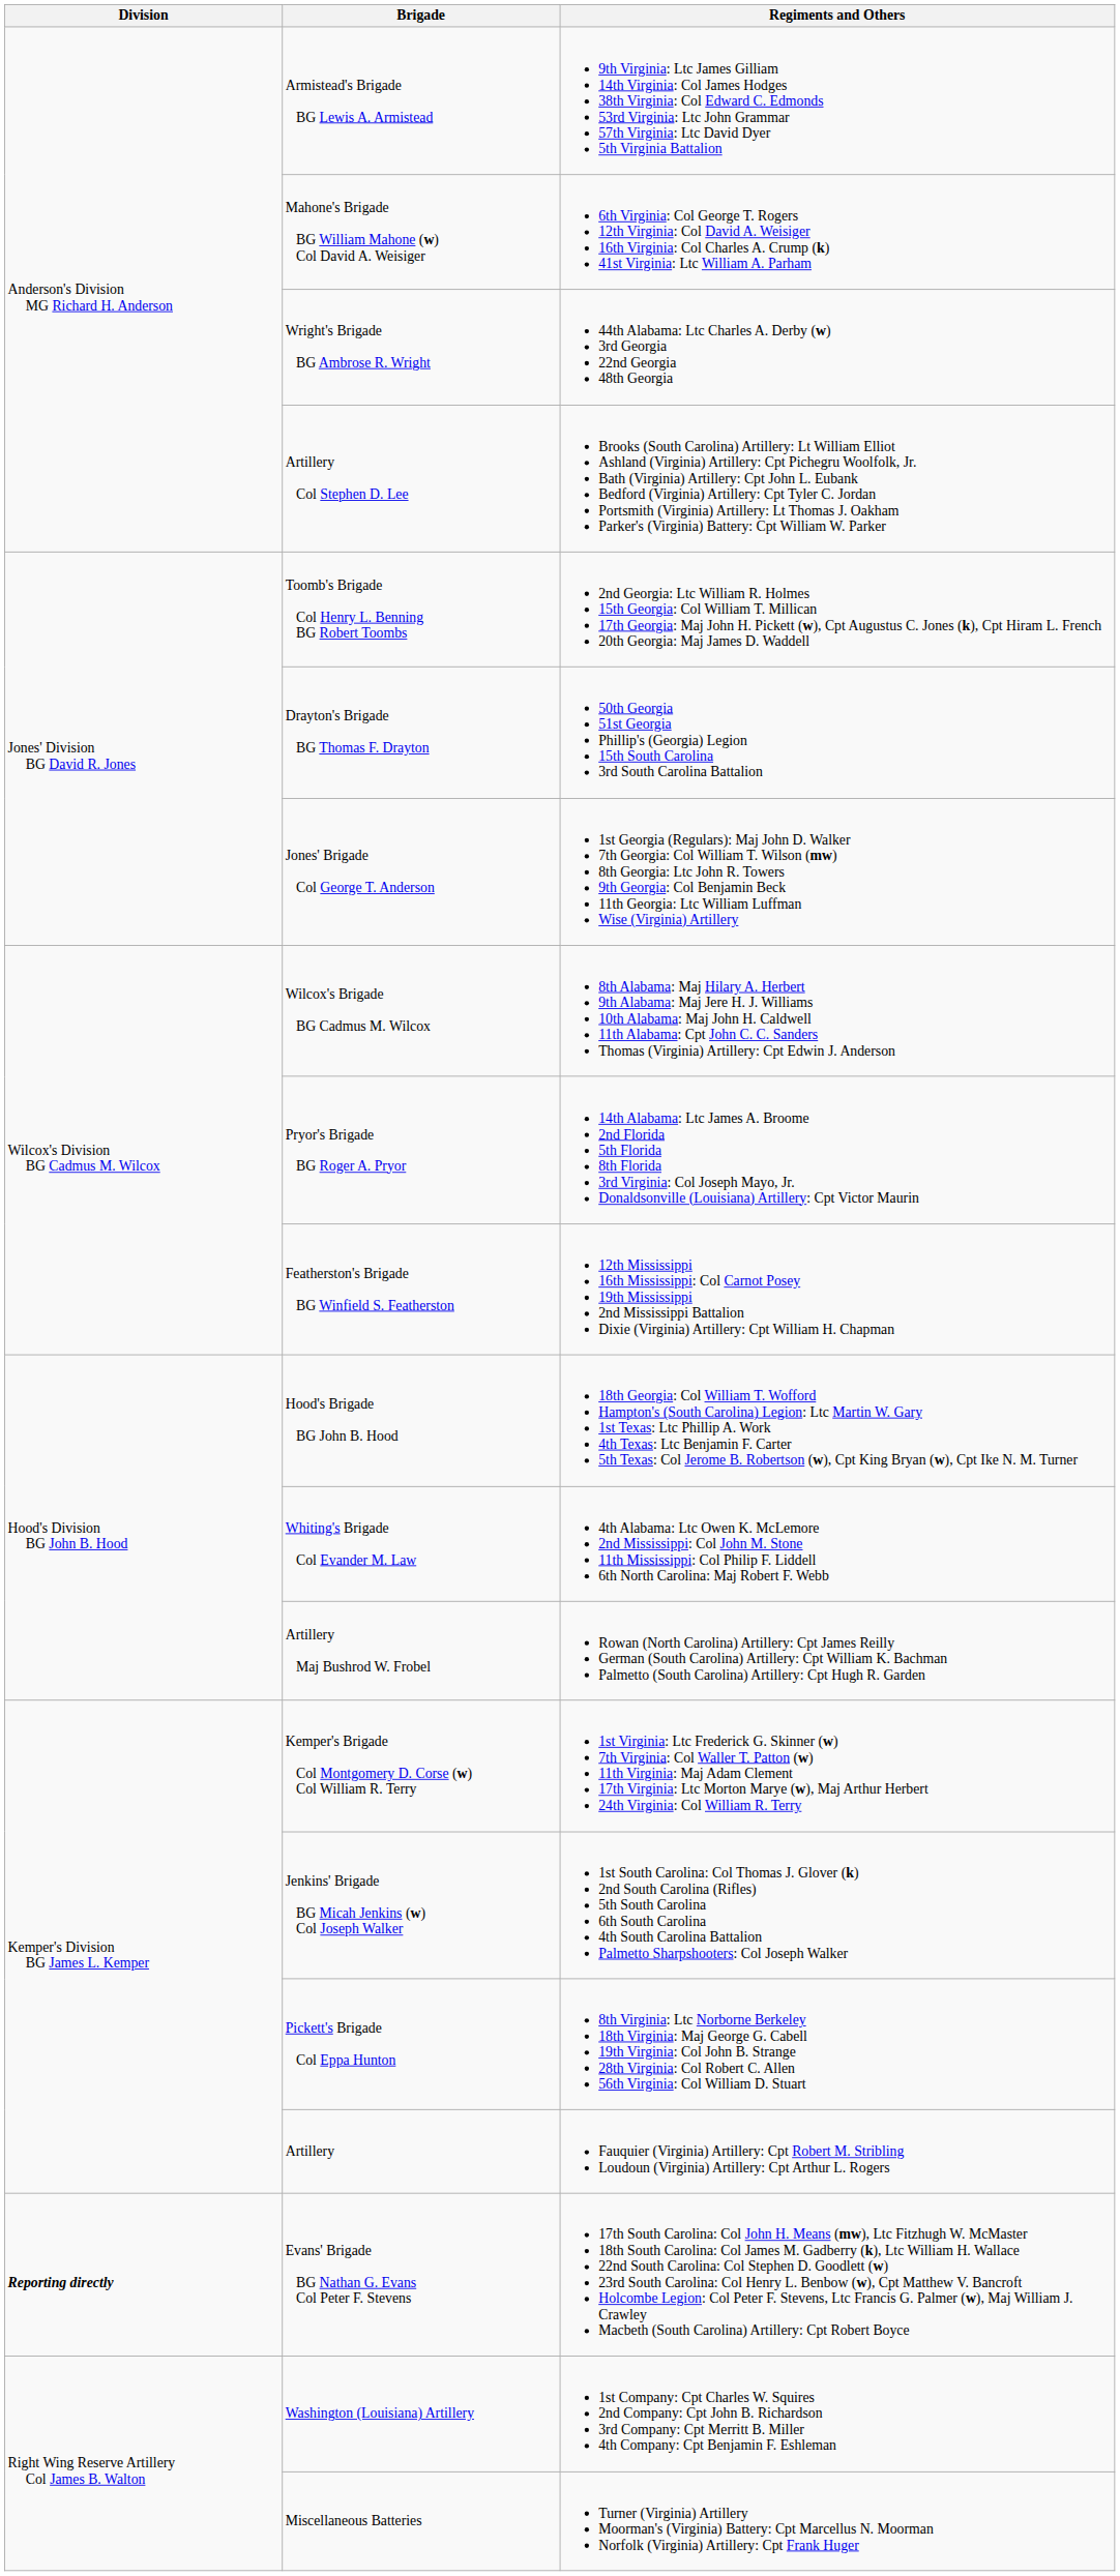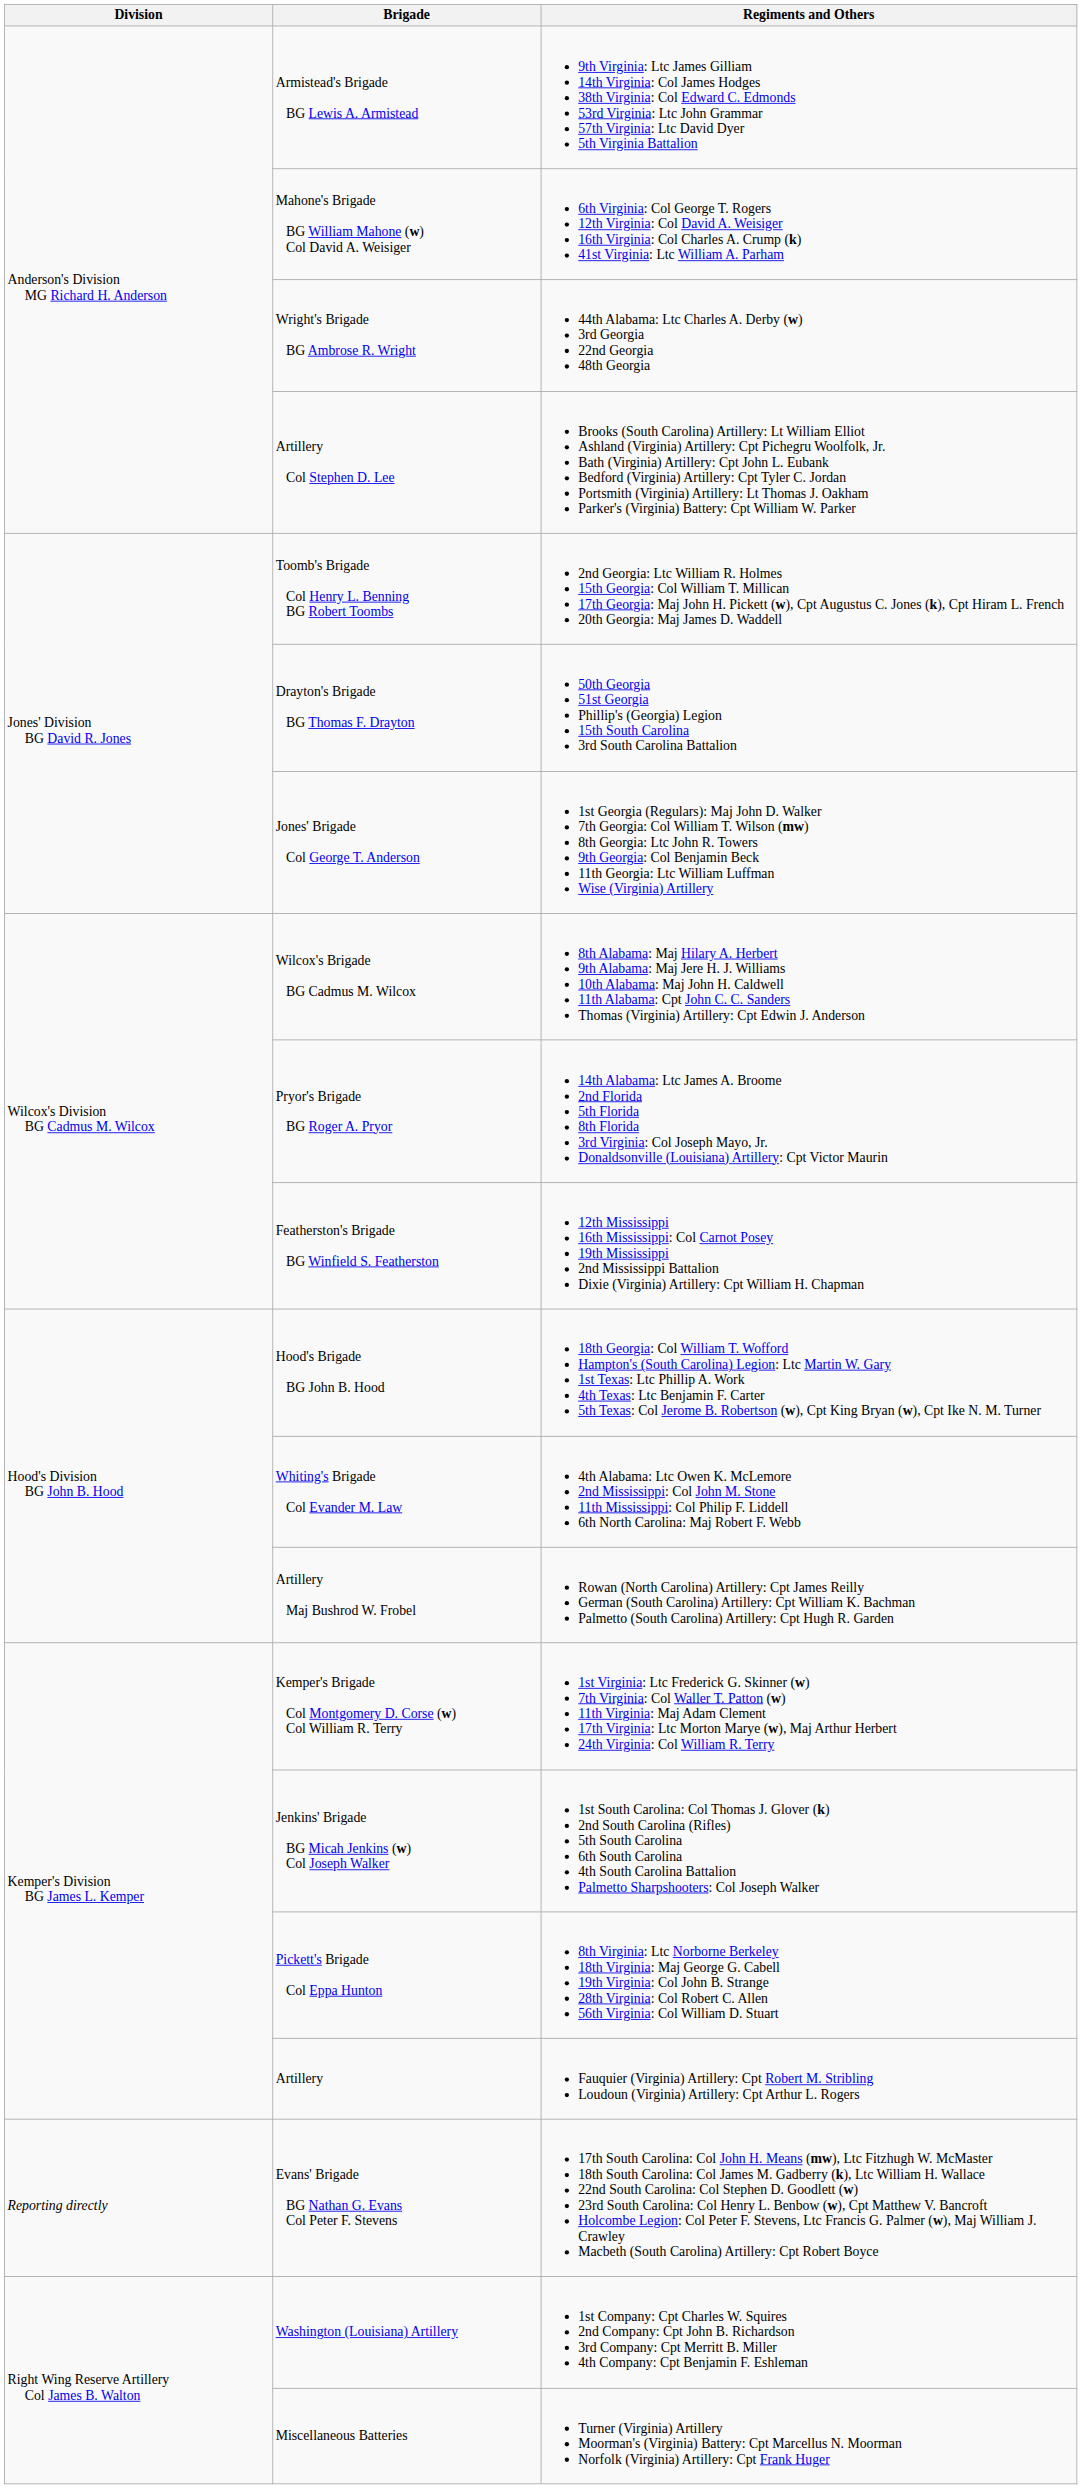 <table class="wikitable">
 <tr>
 <th width=25%>Division</th>
 <th width=25%>Brigade</th>
 <th>Regiments and Others</th>
 </tr>
 <tr>
 <td rowspan=4><br>Anderson's Division <br>     MG <a href='#'>Richard H. Anderson</a></td>
 <td>Armistead's Brigade<br><br>   BG <a href='#'>Lewis A. Armistead</a></td>
 <td><br><ul><li><a href='#'>9th Virginia</a>: Ltc James Gilliam</li><li><a href='#'>14th Virginia</a>: Col James Hodges</li><li><a href='#'>38th Virginia</a>: Col <a href='#'>Edward C. Edmonds</a></li><li><a href='#'>53rd Virginia</a>: Ltc John Grammar</li><li><a href='#'>57th Virginia</a>: Ltc David Dyer</li><li><a href='#'>5th Virginia Battalion</a></li></ul></td>
 </tr>
 <tr>
 <td>Mahone's Brigade<br><br>   BG <a href='#'>William Mahone</a> (<strong>w</strong>) <br>   Col David A. Weisiger</td>
 <td><br><ul><li><a href='#'>6th Virginia</a>: Col George T. Rogers</li><li><a href='#'>12th Virginia</a>: Col <a href='#'>David A. Weisiger</a></li><li><a href='#'>16th Virginia</a>: Col Charles A. Crump (<strong>k</strong>)</li><li><a href='#'>41st Virginia</a>: Ltc <a href='#'>William A. Parham</a></li></ul></td>
 </tr>
 <tr>
 <td>Wright's Brigade<br><br>   BG <a href='#'>Ambrose R. Wright</a></td>
 <td><br><ul><li>44th Alabama: Ltc Charles A. Derby (<strong>w</strong>)</li><li>3rd Georgia</li><li>22nd Georgia</li><li>48th Georgia</li></ul></td>
 </tr>
 <tr>
 <td>Artillery<br><br>   Col <a href='#'>Stephen D. Lee</a></td>
 <td><br><ul><li>Brooks (South Carolina) Artillery: Lt William Elliot</li><li>Ashland (Virginia) Artillery: Cpt Pichegru Woolfolk, Jr.</li><li>Bath (Virginia) Artillery: Cpt John L. Eubank</li><li>Bedford (Virginia) Artillery: Cpt Tyler C. Jordan</li><li>Portsmith (Virginia) Artillery: Lt Thomas J. Oakham</li><li>Parker's (Virginia) Battery: Cpt William W. Parker</li></ul></td>
 </tr>
 <tr>
 <td rowspan=3><br>Jones' Division <br>     BG <a href='#'>David R. Jones</a></td>
 <td>Toomb's Brigade<br><br>   Col <a href='#'>Henry L. Benning</a> <br>   BG <a href='#'>Robert Toombs</a></td>
 <td><br><ul><li>2nd Georgia: Ltc William R. Holmes</li><li><a href='#'>15th Georgia</a>: Col William T. Millican</li><li><a href='#'>17th Georgia</a>: Maj John H. Pickett (<strong>w</strong>), Cpt Augustus C. Jones (<strong>k</strong>), Cpt Hiram L. French</li><li>20th Georgia: Maj James D. Waddell</li></ul></td>
 </tr>
 <tr>
 <td>Drayton's Brigade<br><br>   BG <a href='#'>Thomas F. Drayton</a></td>
 <td><br><ul><li><a href='#'>50th Georgia</a></li><li><a href='#'>51st Georgia</a></li><li>Phillip's (Georgia) Legion</li><li><a href='#'>15th South Carolina</a></li><li>3rd South Carolina Battalion</li></ul></td>
 </tr>
 <tr>
 <td>Jones' Brigade<br><br>   Col <a href='#'>George T. Anderson</a></td>
 <td><br><ul><li>1st Georgia (Regulars): Maj John D. Walker</li><li>7th Georgia: Col William T. Wilson (<strong>mw</strong>)</li><li>8th Georgia: Ltc John R. Towers</li><li><a href='#'>9th Georgia</a>: Col Benjamin Beck</li><li>11th Georgia: Ltc William Luffman</li><li><a href='#'>Wise (Virginia) Artillery</a></li></ul></td>
 </tr>
 <tr>
 <td rowspan=3><br>Wilcox's Division <br>     BG <a href='#'>Cadmus M. Wilcox</a></td>
 <td>Wilcox's Brigade<br><br>   BG Cadmus M. Wilcox</td>
 <td><br><ul><li><a href='#'>8th Alabama</a>: Maj <a href='#'>Hilary A. Herbert</a></li><li><a href='#'>9th Alabama</a>: Maj Jere H. J. Williams</li><li><a href='#'>10th Alabama</a>: Maj John H. Caldwell</li><li><a href='#'>11th Alabama</a>: Cpt <a href='#'>John C. C. Sanders</a></li><li>Thomas (Virginia) Artillery: Cpt Edwin J. Anderson</li></ul></td>
 </tr>
 <tr>
 <td>Pryor's Brigade<br><br>   BG <a href='#'>Roger A. Pryor</a></td>
 <td><br><ul><li><a href='#'>14th Alabama</a>: Ltc James A. Broome</li><li><a href='#'>2nd Florida</a></li><li><a href='#'>5th Florida</a></li><li><a href='#'>8th Florida</a></li><li><a href='#'>3rd Virginia</a>: Col Joseph Mayo, Jr.</li><li><a href='#'>Donaldsonville (Louisiana) Artillery</a>: Cpt Victor Maurin</li></ul></td>
 </tr>
 <tr>
 <td>Featherston's Brigade<br><br>   BG <a href='#'>Winfield S. Featherston</a></td>
 <td><br><ul><li><a href='#'>12th Mississippi</a></li><li><a href='#'>16th Mississippi</a>: Col <a href='#'>Carnot Posey</a></li><li><a href='#'>19th Mississippi</a></li><li>2nd Mississippi Battalion</li><li>Dixie (Virginia) Artillery: Cpt William H. Chapman</li></ul></td>
 </tr>
 <tr>
 <td rowspan=3><br>Hood's Division <br>     BG <a href='#'>John B. Hood</a></td>
 <td>Hood's Brigade<br><br>   BG John B. Hood</td>
 <td><br><ul><li><a href='#'>18th Georgia</a>: Col <a href='#'>William T. Wofford</a></li><li><a href='#'>Hampton's (South Carolina) Legion</a>: Ltc <a href='#'>Martin W. Gary</a></li><li><a href='#'>1st Texas</a>: Ltc Phillip A. Work</li><li><a href='#'>4th Texas</a>: Ltc Benjamin F. Carter</li><li><a href='#'>5th Texas</a>: Col <a href='#'>Jerome B. Robertson</a> (<strong>w</strong>), Cpt King Bryan (<strong>w</strong>), Cpt Ike N. M. Turner</li></ul></td>
 </tr>
 <tr>
 <td><a href='#'>Whiting's</a> Brigade<br><br>   Col <a href='#'>Evander M. Law</a></td>
 <td><br><ul><li>4th Alabama: Ltc Owen K. McLemore</li><li><a href='#'>2nd Mississippi</a>: Col <a href='#'>John M. Stone</a></li><li><a href='#'>11th Mississippi</a>: Col Philip F. Liddell</li><li>6th North Carolina: Maj Robert F. Webb</li></ul></td>
 </tr>
 <tr>
 <td>Artillery<br><br>   Maj Bushrod W. Frobel</td>
 <td><br><ul><li>Rowan (North Carolina) Artillery: Cpt James Reilly</li><li>German (South Carolina) Artillery: Cpt William K. Bachman</li><li>Palmetto (South Carolina) Artillery: Cpt Hugh R. Garden</li></ul></td>
 </tr>
 <tr>
 <td rowspan=4><br>Kemper's Division <br>     BG <a href='#'>James L. Kemper</a></td>
 <td>Kemper's Brigade<br><br>   Col <a href='#'>Montgomery D. Corse</a> (<strong>w</strong>) <br>   Col William R. Terry</td>
 <td><br><ul><li><a href='#'>1st Virginia</a>: Ltc Frederick G. Skinner (<strong>w</strong>)</li><li><a href='#'>7th Virginia</a>: Col <a href='#'>Waller T. Patton</a> (<strong>w</strong>)</li><li><a href='#'>11th Virginia</a>: Maj Adam Clement</li><li><a href='#'>17th Virginia</a>: Ltc Morton Marye (<strong>w</strong>), Maj Arthur Herbert</li><li><a href='#'>24th Virginia</a>: Col <a href='#'>William R. Terry</a></li></ul></td>
 </tr>
 <tr>
 <td>Jenkins' Brigade<br><br>   BG <a href='#'>Micah Jenkins</a> (<strong>w</strong>) <br>   Col <a href='#'>Joseph Walker</a></td>
 <td><br><ul><li>1st South Carolina: Col Thomas J. Glover (<strong>k</strong>)</li><li>2nd South Carolina (Rifles)</li><li>5th South Carolina</li><li>6th South Carolina</li><li>4th South Carolina Battalion</li><li><a href='#'>Palmetto Sharpshooters</a>: Col Joseph Walker</li></ul></td>
 </tr>
 <tr>
 <td><a href='#'>Pickett's</a> Brigade<br><br>   Col <a href='#'>Eppa Hunton</a></td>
 <td><br><ul><li><a href='#'>8th Virginia</a>: Ltc <a href='#'>Norborne Berkeley</a></li><li><a href='#'>18th Virginia</a>: Maj George G. Cabell</li><li><a href='#'>19th Virginia</a>: Col John B. Strange</li><li><a href='#'>28th Virginia</a>: Col Robert C. Allen</li><li><a href='#'>56th Virginia</a>: Col William D. Stuart</li></ul></td>
 </tr>
 <tr>
 <td>Artillery</td>
 <td><br><ul><li>Fauquier (Virginia) Artillery: Cpt <a href='#'>Robert M. Stribling</a></li><li>Loudoun (Virginia) Artillery: Cpt Arthur L. Rogers</li></ul></td>
 </tr>
 <tr>
-<td rowspan=1><strong><br><em>Reporting directly</em></strong></td>
+<td rowspan=1><br><em>Reporting directly</em></td>
 <td>Evans' Brigade<br><br>   BG <a href='#'>Nathan G. Evans</a> <br>   Col Peter F. Stevens</td>
 <td><br><ul><li>17th South Carolina: Col <a href='#'>John H. Means</a> (<strong>mw</strong>), Ltc Fitzhugh W. McMaster</li><li>18th South Carolina: Col James M. Gadberry (<strong>k</strong>), Ltc William H. Wallace</li><li>22nd South Carolina: Col Stephen D. Goodlett (<strong>w</strong>)</li><li>23rd South Carolina: Col Henry L. Benbow (<strong>w</strong>), Cpt Matthew V. Bancroft</li><li><a href='#'>Holcombe Legion</a>: Col Peter F. Stevens, Ltc Francis G. Palmer (<strong>w</strong>), Maj William J. Crawley</li><li>Macbeth (South Carolina) Artillery: Cpt Robert Boyce</li></ul></td>
 </tr>
 <tr>
 <td rowspan=2><br>Right Wing Reserve Artillery <br>     Col <a href='#'>James B. Walton</a></td>
 <td><a href='#'>Washington (Louisiana) Artillery</a></td>
 <td><br><ul><li>1st Company: Cpt Charles W. Squires</li><li>2nd Company: Cpt John B. Richardson</li><li>3rd Company: Cpt Merritt B. Miller</li><li>4th Company: Cpt Benjamin F. Eshleman</li></ul></td>
 </tr>
 <tr>
 <td>Miscellaneous Batteries</td>
 <td><br><ul><li>Turner (Virginia) Artillery</li><li>Moorman's (Virginia) Battery: Cpt Marcellus N. Moorman</li><li>Norfolk (Virginia) Artillery: Cpt <a href='#'>Frank Huger</a></li></ul></td>
 </tr>
 </table>
